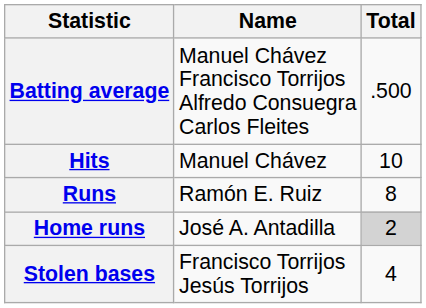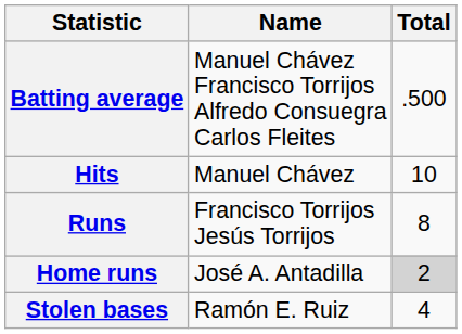 <table class="wikitable plainrowheaders">
 <tr>
 <th scope="col">Statistic</th>
 <th scope="col">Name</th>
 <th scope="col">Total</th>
 </tr>
 <tr>
 <th scope="row"><a href='#'>Batting average</a></th>
 <td> Manuel Chávez<br> Francisco Torrijos<br> Alfredo Consuegra<br> Carlos Fleites</td>
 <td align=center>.500</td>
 </tr>
 <tr>
 <th scope="row"><a href='#'>Hits</a></th>
 <td> Manuel Chávez</td>
 <td align=center>10</td>
 </tr>
 <tr>
 <th scope="row"><a href='#'>Runs</a></th>
-<td> Ramón E. Ruiz</td>
+<td> Francisco Torrijos<br> Jesús Torrijos</td>
 <td align=center>8</td>
 </tr>
 <tr>
 <th scope="row"><a href='#'>Home runs</a></th>
 <td> José A. Antadilla</td>
 <td align=center style="background: lightgrey;">2</td>
 </tr>
 <tr>
 <th scope="row" rowspan=2><a href='#'>Stolen bases</a></th>
-<td> Francisco Torrijos<br> Jesús Torrijos</td>
+<td> Ramón E. Ruiz</td>
 <td align=center>4</td>
 </tr>
 </table>
